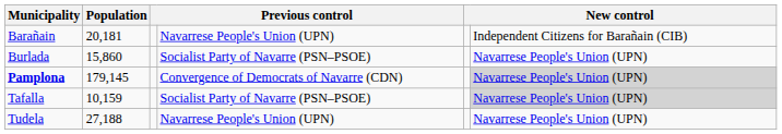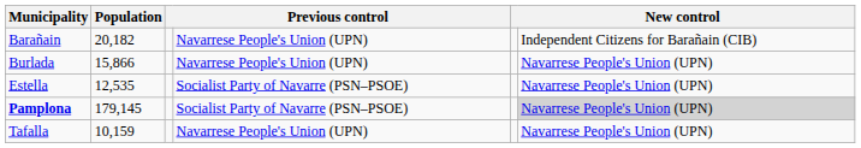 <table class="wikitable sortable">
 <tr>
 <th>Municipality</th>
 <th>Population</th>
 <th colspan="2" style="width:375px;">Previous control</th>
 <th colspan="2" style="width:375px;">New control</th>
 </tr>
 <tr>
 <td><a href='#'>Barañain</a></td>
-<td>20,181</td>
+<td>20,182</td>
 <td width="1" style="color:inherit;background:"></td>
 <td><a href='#'>Navarrese People's Union</a> (UPN)</td>
 <td width="1" style="color:inherit;background:"></td>
 <td>Independent Citizens for Barañain (CIB)</td>
 </tr>
 <tr>
 <td><a href='#'>Burlada</a></td>
-<td>15,860</td>
+<td>15,866</td>
+<td style="color:inherit;background:"></td>
+<td><a href='#'>Navarrese People's Union</a> (UPN)</td>
+<td style="color:inherit;background:"></td>
+<td><a href='#'>Navarrese People's Union</a> (UPN)</td>
+</tr>
+<tr>
+<td><a href='#'>Estella</a></td>
+<td>12,535</td>
 <td style="color:inherit;background:"></td>
 <td><a href='#'>Socialist Party of Navarre</a> (PSN–PSOE)</td>
 <td style="color:inherit;background:"></td>
 <td><a href='#'>Navarrese People's Union</a> (UPN)</td>
 </tr>
 <tr>
 <td><strong><a href='#'>Pamplona</a></strong></td>
 <td>179,145</td>
 <td style="color:inherit;background:"></td>
-<td><a href='#'>Convergence of Democrats of Navarre</a> (CDN)</td>
+<td><a href='#'>Socialist Party of Navarre</a> (PSN–PSOE)</td>
 <td style="color:inherit;background:"></td>
 <td style="background: lightgrey;"><a href='#'>Navarrese People's Union</a> (UPN)</td>
 </tr>
 <tr>
 <td><a href='#'>Tafalla</a></td>
 <td>10,159</td>
 <td style="color:inherit;background:"></td>
-<td><a href='#'>Socialist Party of Navarre</a> (PSN–PSOE)</td>
-<td style="color:inherit;background:"></td>
-<td style="background: lightgrey;"><a href='#'>Navarrese People's Union</a> (UPN)</td>
-</tr>
-<tr>
-<td><a href='#'>Tudela</a></td>
-<td>27,188</td>
-<td style="color:inherit;background:"></td>
 <td><a href='#'>Navarrese People's Union</a> (UPN)</td>
 <td style="color:inherit;background:"></td>
 <td><a href='#'>Navarrese People's Union</a> (UPN)</td>
 </tr>
 </table>
